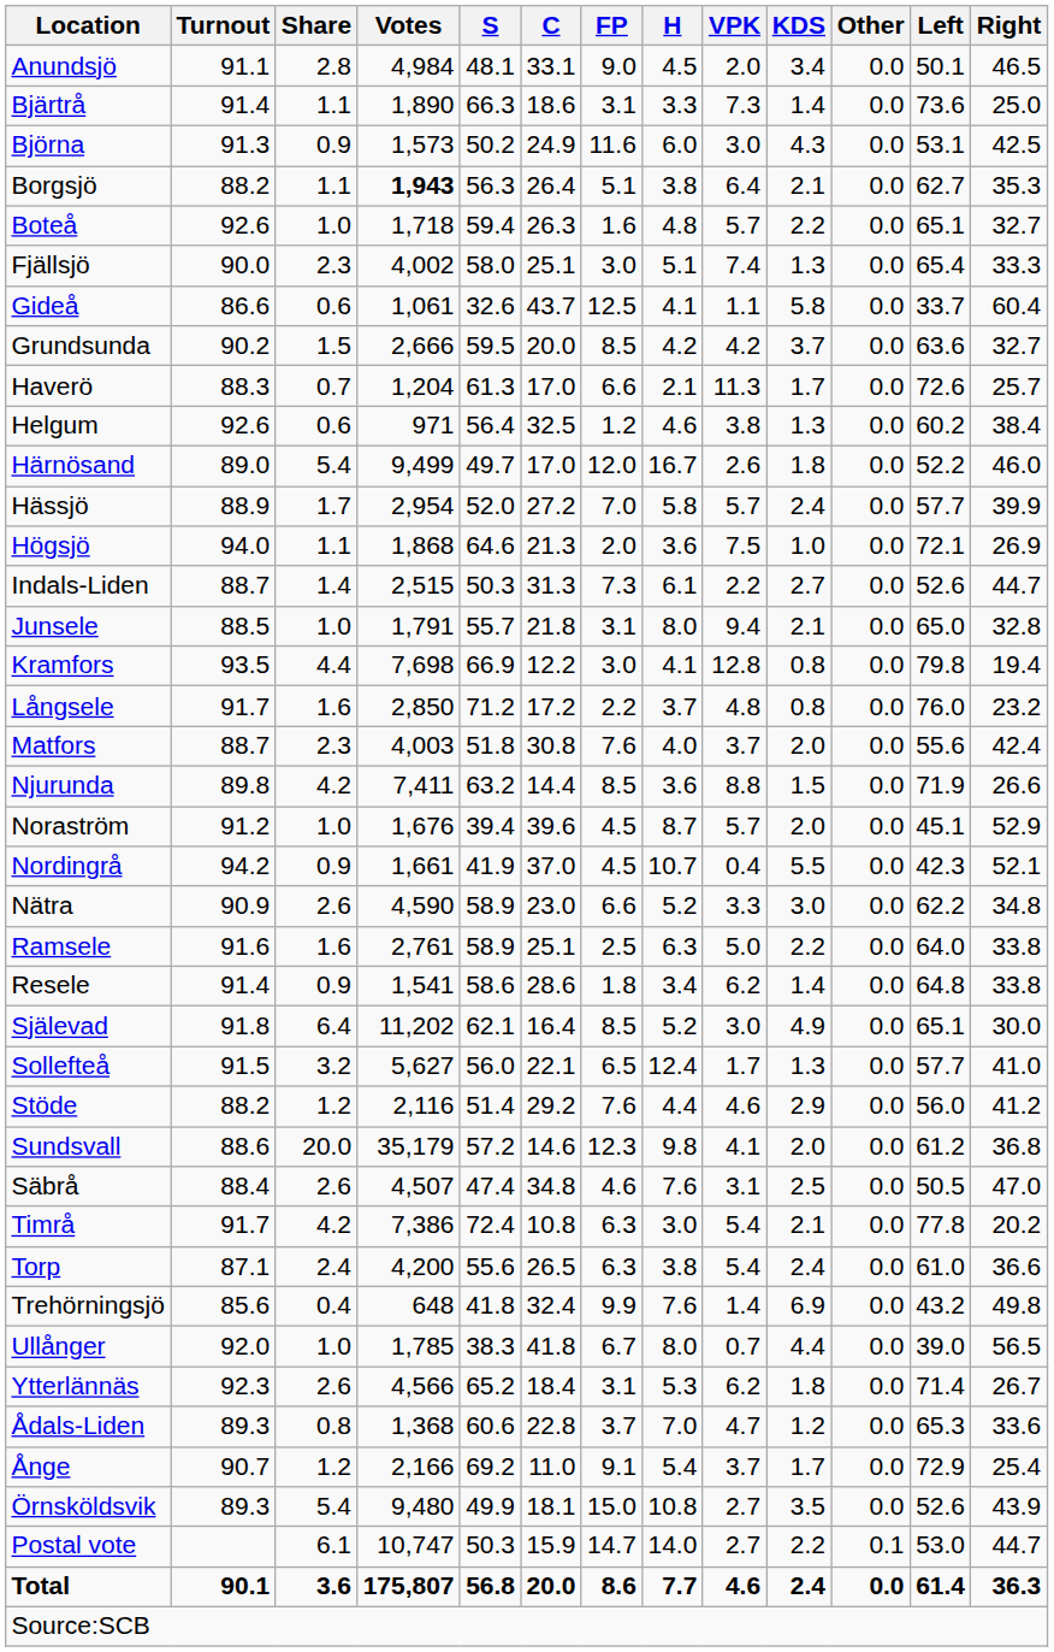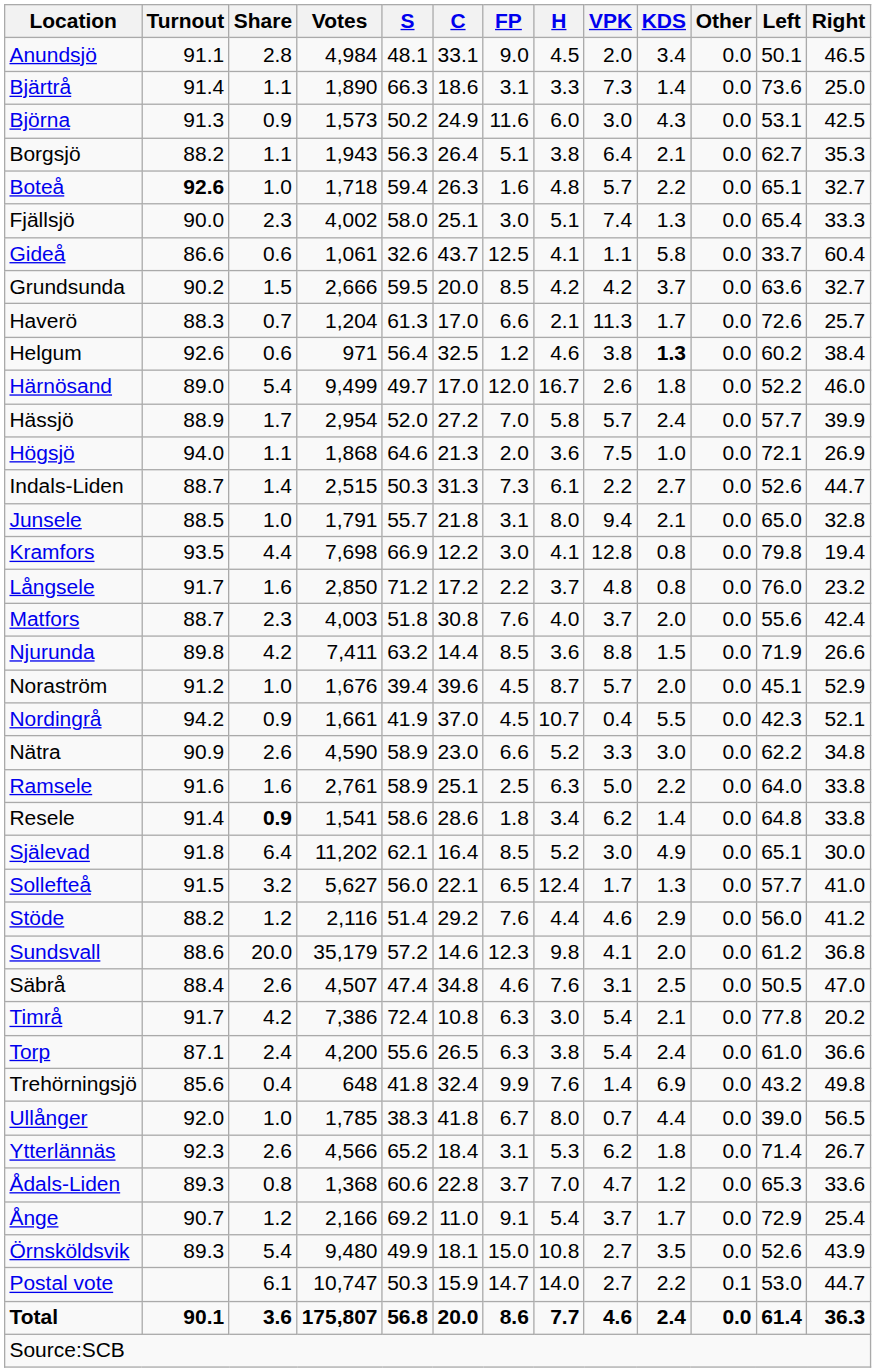 <table class="wikitable sortable" style=text-align:right>
 <tr>
 <th>Location</th>
 <th>Turnout</th>
 <th>Share</th>
 <th>Votes</th>
 <th><a href='#'>S</a></th>
 <th><a href='#'>C</a></th>
 <th><a href='#'>FP</a></th>
 <th><a href='#'>H</a></th>
 <th><a href='#'>VPK</a></th>
 <th><a href='#'>KDS</a></th>
 <th>Other</th>
 <th>Left</th>
 <th>Right</th>
 </tr>
 <tr>
 <td align=left><a href='#'>Anundsjö</a></td>
 <td>91.1</td>
 <td>2.8</td>
 <td>4,984</td>
 <td>48.1</td>
 <td>33.1</td>
 <td>9.0</td>
 <td>4.5</td>
 <td>2.0</td>
 <td>3.4</td>
 <td>0.0</td>
 <td>50.1</td>
 <td>46.5</td>
 </tr>
 <tr>
 <td align=left><a href='#'>Bjärtrå</a></td>
 <td>91.4</td>
 <td>1.1</td>
 <td>1,890</td>
 <td>66.3</td>
 <td>18.6</td>
 <td>3.1</td>
 <td>3.3</td>
 <td>7.3</td>
 <td>1.4</td>
 <td>0.0</td>
 <td>73.6</td>
 <td>25.0</td>
 </tr>
 <tr>
 <td align=left><a href='#'>Björna</a></td>
 <td>91.3</td>
 <td>0.9</td>
 <td>1,573</td>
 <td>50.2</td>
 <td>24.9</td>
 <td>11.6</td>
 <td>6.0</td>
 <td>3.0</td>
 <td>4.3</td>
 <td>0.0</td>
 <td>53.1</td>
 <td>42.5</td>
 </tr>
 <tr>
 <td align=left>Borgsjö</td>
 <td>88.2</td>
 <td>1.1</td>
-<td><strong>1,943</strong></td>
+<td>1,943</td>
 <td>56.3</td>
 <td>26.4</td>
 <td>5.1</td>
 <td>3.8</td>
 <td>6.4</td>
 <td>2.1</td>
 <td>0.0</td>
 <td>62.7</td>
 <td>35.3</td>
 </tr>
 <tr>
 <td align=left><a href='#'>Boteå</a></td>
-<td>92.6</td>
+<td><strong>92.6</strong></td>
 <td>1.0</td>
 <td>1,718</td>
 <td>59.4</td>
 <td>26.3</td>
 <td>1.6</td>
 <td>4.8</td>
 <td>5.7</td>
 <td>2.2</td>
 <td>0.0</td>
 <td>65.1</td>
 <td>32.7</td>
 </tr>
 <tr>
 <td align=left>Fjällsjö</td>
 <td>90.0</td>
 <td>2.3</td>
 <td>4,002</td>
 <td>58.0</td>
 <td>25.1</td>
 <td>3.0</td>
 <td>5.1</td>
 <td>7.4</td>
 <td>1.3</td>
 <td>0.0</td>
 <td>65.4</td>
 <td>33.3</td>
 </tr>
 <tr>
 <td align=left><a href='#'>Gideå</a></td>
 <td>86.6</td>
 <td>0.6</td>
 <td>1,061</td>
 <td>32.6</td>
 <td>43.7</td>
 <td>12.5</td>
 <td>4.1</td>
 <td>1.1</td>
 <td>5.8</td>
 <td>0.0</td>
 <td>33.7</td>
 <td>60.4</td>
 </tr>
 <tr>
 <td align=left>Grundsunda</td>
 <td>90.2</td>
 <td>1.5</td>
 <td>2,666</td>
 <td>59.5</td>
 <td>20.0</td>
 <td>8.5</td>
 <td>4.2</td>
 <td>4.2</td>
 <td>3.7</td>
 <td>0.0</td>
 <td>63.6</td>
 <td>32.7</td>
 </tr>
 <tr>
 <td align=left>Haverö</td>
 <td>88.3</td>
 <td>0.7</td>
 <td>1,204</td>
 <td>61.3</td>
 <td>17.0</td>
 <td>6.6</td>
 <td>2.1</td>
 <td>11.3</td>
 <td>1.7</td>
 <td>0.0</td>
 <td>72.6</td>
 <td>25.7</td>
 </tr>
 <tr>
 <td align=left>Helgum</td>
 <td>92.6</td>
 <td>0.6</td>
 <td>971</td>
 <td>56.4</td>
 <td>32.5</td>
 <td>1.2</td>
 <td>4.6</td>
 <td>3.8</td>
-<td>1.3</td>
+<td><strong>1.3</strong></td>
 <td>0.0</td>
 <td>60.2</td>
 <td>38.4</td>
 </tr>
 <tr>
 <td align=left><a href='#'>Härnösand</a></td>
 <td>89.0</td>
 <td>5.4</td>
 <td>9,499</td>
 <td>49.7</td>
 <td>17.0</td>
 <td>12.0</td>
 <td>16.7</td>
 <td>2.6</td>
 <td>1.8</td>
 <td>0.0</td>
 <td>52.2</td>
 <td>46.0</td>
 </tr>
 <tr>
 <td align=left>Hässjö</td>
 <td>88.9</td>
 <td>1.7</td>
 <td>2,954</td>
 <td>52.0</td>
 <td>27.2</td>
 <td>7.0</td>
 <td>5.8</td>
 <td>5.7</td>
 <td>2.4</td>
 <td>0.0</td>
 <td>57.7</td>
 <td>39.9</td>
 </tr>
 <tr>
 <td align=left><a href='#'>Högsjö</a></td>
 <td>94.0</td>
 <td>1.1</td>
 <td>1,868</td>
 <td>64.6</td>
 <td>21.3</td>
 <td>2.0</td>
 <td>3.6</td>
 <td>7.5</td>
 <td>1.0</td>
 <td>0.0</td>
 <td>72.1</td>
 <td>26.9</td>
 </tr>
 <tr>
 <td align=left>Indals-Liden</td>
 <td>88.7</td>
 <td>1.4</td>
 <td>2,515</td>
 <td>50.3</td>
 <td>31.3</td>
 <td>7.3</td>
 <td>6.1</td>
 <td>2.2</td>
 <td>2.7</td>
 <td>0.0</td>
 <td>52.6</td>
 <td>44.7</td>
 </tr>
 <tr>
 <td align=left><a href='#'>Junsele</a></td>
 <td>88.5</td>
 <td>1.0</td>
 <td>1,791</td>
 <td>55.7</td>
 <td>21.8</td>
 <td>3.1</td>
 <td>8.0</td>
 <td>9.4</td>
 <td>2.1</td>
 <td>0.0</td>
 <td>65.0</td>
 <td>32.8</td>
 </tr>
 <tr>
 <td align=left><a href='#'>Kramfors</a></td>
 <td>93.5</td>
 <td>4.4</td>
 <td>7,698</td>
 <td>66.9</td>
 <td>12.2</td>
 <td>3.0</td>
 <td>4.1</td>
 <td>12.8</td>
 <td>0.8</td>
 <td>0.0</td>
 <td>79.8</td>
 <td>19.4</td>
 </tr>
 <tr>
 <td align=left><a href='#'>Långsele</a></td>
 <td>91.7</td>
 <td>1.6</td>
 <td>2,850</td>
 <td>71.2</td>
 <td>17.2</td>
 <td>2.2</td>
 <td>3.7</td>
 <td>4.8</td>
 <td>0.8</td>
 <td>0.0</td>
 <td>76.0</td>
 <td>23.2</td>
 </tr>
 <tr>
 <td align=left><a href='#'>Matfors</a></td>
 <td>88.7</td>
 <td>2.3</td>
 <td>4,003</td>
 <td>51.8</td>
 <td>30.8</td>
 <td>7.6</td>
 <td>4.0</td>
 <td>3.7</td>
 <td>2.0</td>
 <td>0.0</td>
 <td>55.6</td>
 <td>42.4</td>
 </tr>
 <tr>
 <td align=left><a href='#'>Njurunda</a></td>
 <td>89.8</td>
 <td>4.2</td>
 <td>7,411</td>
 <td>63.2</td>
 <td>14.4</td>
 <td>8.5</td>
 <td>3.6</td>
 <td>8.8</td>
 <td>1.5</td>
 <td>0.0</td>
 <td>71.9</td>
 <td>26.6</td>
 </tr>
 <tr>
 <td align=left>Noraström</td>
 <td>91.2</td>
 <td>1.0</td>
 <td>1,676</td>
 <td>39.4</td>
 <td>39.6</td>
 <td>4.5</td>
 <td>8.7</td>
 <td>5.7</td>
 <td>2.0</td>
 <td>0.0</td>
 <td>45.1</td>
 <td>52.9</td>
 </tr>
 <tr>
 <td align=left><a href='#'>Nordingrå</a></td>
 <td>94.2</td>
 <td>0.9</td>
 <td>1,661</td>
 <td>41.9</td>
 <td>37.0</td>
 <td>4.5</td>
 <td>10.7</td>
 <td>0.4</td>
 <td>5.5</td>
 <td>0.0</td>
 <td>42.3</td>
 <td>52.1</td>
 </tr>
 <tr>
 <td align=left>Nätra</td>
 <td>90.9</td>
 <td>2.6</td>
 <td>4,590</td>
 <td>58.9</td>
 <td>23.0</td>
 <td>6.6</td>
 <td>5.2</td>
 <td>3.3</td>
 <td>3.0</td>
 <td>0.0</td>
 <td>62.2</td>
 <td>34.8</td>
 </tr>
 <tr>
 <td align=left><a href='#'>Ramsele</a></td>
 <td>91.6</td>
 <td>1.6</td>
 <td>2,761</td>
 <td>58.9</td>
 <td>25.1</td>
 <td>2.5</td>
 <td>6.3</td>
 <td>5.0</td>
 <td>2.2</td>
 <td>0.0</td>
 <td>64.0</td>
 <td>33.8</td>
 </tr>
 <tr>
 <td align=left>Resele</td>
 <td>91.4</td>
-<td>0.9</td>
+<td><strong>0.9</strong></td>
 <td>1,541</td>
 <td>58.6</td>
 <td>28.6</td>
 <td>1.8</td>
 <td>3.4</td>
 <td>6.2</td>
 <td>1.4</td>
 <td>0.0</td>
 <td>64.8</td>
 <td>33.8</td>
 </tr>
 <tr>
 <td align=left><a href='#'>Själevad</a></td>
 <td>91.8</td>
 <td>6.4</td>
 <td>11,202</td>
 <td>62.1</td>
 <td>16.4</td>
 <td>8.5</td>
 <td>5.2</td>
 <td>3.0</td>
 <td>4.9</td>
 <td>0.0</td>
 <td>65.1</td>
 <td>30.0</td>
 </tr>
 <tr>
 <td align=left><a href='#'>Sollefteå</a></td>
 <td>91.5</td>
 <td>3.2</td>
 <td>5,627</td>
 <td>56.0</td>
 <td>22.1</td>
 <td>6.5</td>
 <td>12.4</td>
 <td>1.7</td>
 <td>1.3</td>
 <td>0.0</td>
 <td>57.7</td>
 <td>41.0</td>
 </tr>
 <tr>
 <td align=left><a href='#'>Stöde</a></td>
 <td>88.2</td>
 <td>1.2</td>
 <td>2,116</td>
 <td>51.4</td>
 <td>29.2</td>
 <td>7.6</td>
 <td>4.4</td>
 <td>4.6</td>
 <td>2.9</td>
 <td>0.0</td>
 <td>56.0</td>
 <td>41.2</td>
 </tr>
 <tr>
 <td align=left><a href='#'>Sundsvall</a></td>
 <td>88.6</td>
 <td>20.0</td>
 <td>35,179</td>
 <td>57.2</td>
 <td>14.6</td>
 <td>12.3</td>
 <td>9.8</td>
 <td>4.1</td>
 <td>2.0</td>
 <td>0.0</td>
 <td>61.2</td>
 <td>36.8</td>
 </tr>
 <tr>
 <td align=left>Säbrå</td>
 <td>88.4</td>
 <td>2.6</td>
 <td>4,507</td>
 <td>47.4</td>
 <td>34.8</td>
 <td>4.6</td>
 <td>7.6</td>
 <td>3.1</td>
 <td>2.5</td>
 <td>0.0</td>
 <td>50.5</td>
 <td>47.0</td>
 </tr>
 <tr>
 <td align=left><a href='#'>Timrå</a></td>
 <td>91.7</td>
 <td>4.2</td>
 <td>7,386</td>
 <td>72.4</td>
 <td>10.8</td>
 <td>6.3</td>
 <td>3.0</td>
 <td>5.4</td>
 <td>2.1</td>
 <td>0.0</td>
 <td>77.8</td>
 <td>20.2</td>
 </tr>
 <tr>
 <td align=left><a href='#'>Torp</a></td>
 <td>87.1</td>
 <td>2.4</td>
 <td>4,200</td>
 <td>55.6</td>
 <td>26.5</td>
 <td>6.3</td>
 <td>3.8</td>
 <td>5.4</td>
 <td>2.4</td>
 <td>0.0</td>
 <td>61.0</td>
 <td>36.6</td>
 </tr>
 <tr>
 <td align=left>Trehörningsjö</td>
 <td>85.6</td>
 <td>0.4</td>
 <td>648</td>
 <td>41.8</td>
 <td>32.4</td>
 <td>9.9</td>
 <td>7.6</td>
 <td>1.4</td>
 <td>6.9</td>
 <td>0.0</td>
 <td>43.2</td>
 <td>49.8</td>
 </tr>
 <tr>
 <td align=left><a href='#'>Ullånger</a></td>
 <td>92.0</td>
 <td>1.0</td>
 <td>1,785</td>
 <td>38.3</td>
 <td>41.8</td>
 <td>6.7</td>
 <td>8.0</td>
 <td>0.7</td>
 <td>4.4</td>
 <td>0.0</td>
 <td>39.0</td>
 <td>56.5</td>
 </tr>
 <tr>
 <td align=left><a href='#'>Ytterlännäs</a></td>
 <td>92.3</td>
 <td>2.6</td>
 <td>4,566</td>
 <td>65.2</td>
 <td>18.4</td>
 <td>3.1</td>
 <td>5.3</td>
 <td>6.2</td>
 <td>1.8</td>
 <td>0.0</td>
 <td>71.4</td>
 <td>26.7</td>
 </tr>
 <tr>
 <td align=left><a href='#'>Ådals-Liden</a></td>
 <td>89.3</td>
 <td>0.8</td>
 <td>1,368</td>
 <td>60.6</td>
 <td>22.8</td>
 <td>3.7</td>
 <td>7.0</td>
 <td>4.7</td>
 <td>1.2</td>
 <td>0.0</td>
 <td>65.3</td>
 <td>33.6</td>
 </tr>
 <tr>
 <td align=left><a href='#'>Ånge</a></td>
 <td>90.7</td>
 <td>1.2</td>
 <td>2,166</td>
 <td>69.2</td>
 <td>11.0</td>
 <td>9.1</td>
 <td>5.4</td>
 <td>3.7</td>
 <td>1.7</td>
 <td>0.0</td>
 <td>72.9</td>
 <td>25.4</td>
 </tr>
 <tr>
 <td align=left><a href='#'>Örnsköldsvik</a></td>
 <td>89.3</td>
 <td>5.4</td>
 <td>9,480</td>
 <td>49.9</td>
 <td>18.1</td>
 <td>15.0</td>
 <td>10.8</td>
 <td>2.7</td>
 <td>3.5</td>
 <td>0.0</td>
 <td>52.6</td>
 <td>43.9</td>
 </tr>
 <tr>
 <td align=left><a href='#'>Postal vote</a></td>
 <td></td>
 <td>6.1</td>
 <td>10,747</td>
 <td>50.3</td>
 <td>15.9</td>
 <td>14.7</td>
 <td>14.0</td>
 <td>2.7</td>
 <td>2.2</td>
 <td>0.1</td>
 <td>53.0</td>
 <td>44.7</td>
 </tr>
 <tr>
 <td align=left><strong>Total</strong></td>
 <td><strong>90.1</strong></td>
 <td><strong>3.6</strong></td>
 <td><strong>175,807</strong></td>
 <td><strong>56.8</strong></td>
 <td><strong>20.0</strong></td>
 <td><strong>8.6</strong></td>
 <td><strong>7.7</strong></td>
 <td><strong>4.6</strong></td>
 <td><strong>2.4</strong></td>
 <td><strong>0.0</strong></td>
 <td><strong>61.4</strong></td>
 <td><strong>36.3</strong></td>
 </tr>
 <tr>
 <td align=left colspan=13>Source:SCB </td>
 </tr>
 </table>
